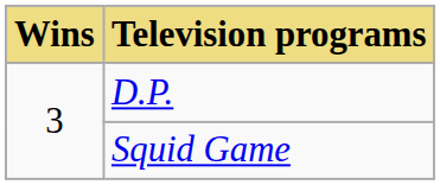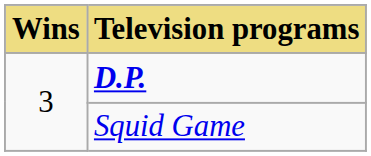 <table class="wikitable" align="center">
 <tr>
 <th style="background:#EEDD82; text-align:center">Wins</th>
 <th style="background:#EEDD82; text-align:center">Television programs</th>
 </tr>
 <tr>
 <td rowspan="2" style="text-align:center">3</td>
-<td><em><a href='#'>D.P.</a></em></td>
+<td><strong><em><a href='#'>D.P.</a></em></strong></td>
 </tr>
 <tr>
 <td><em><a href='#'>Squid Game</a></em></td>
 </tr>
 </table>
